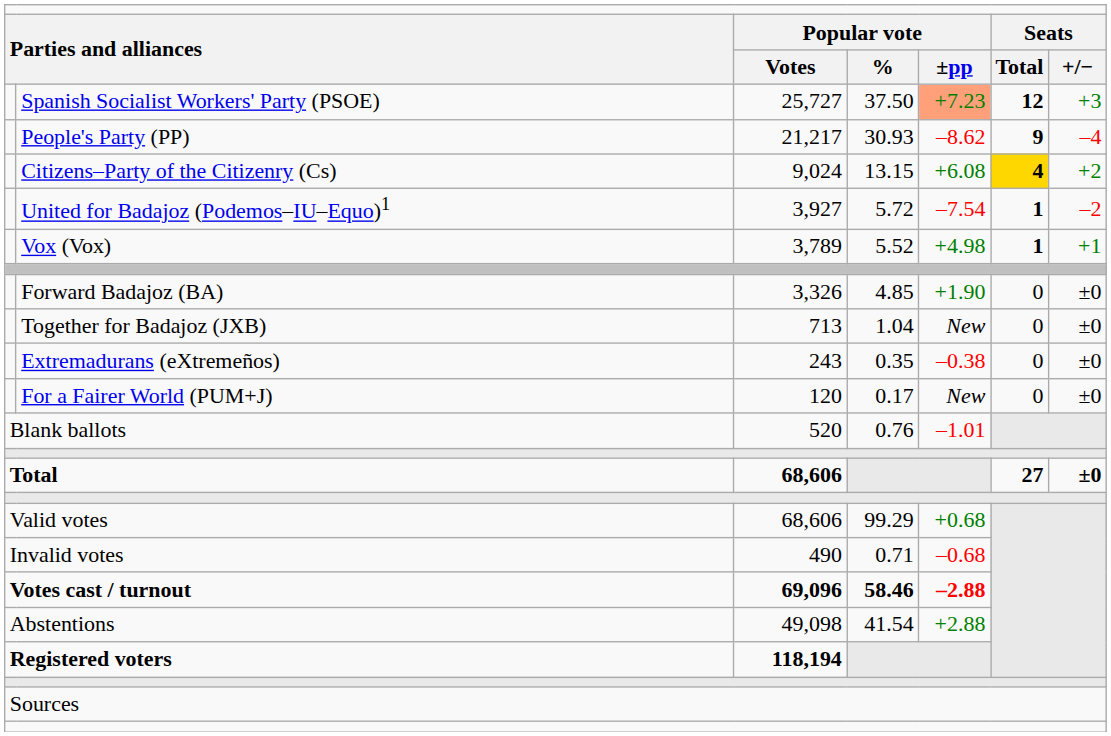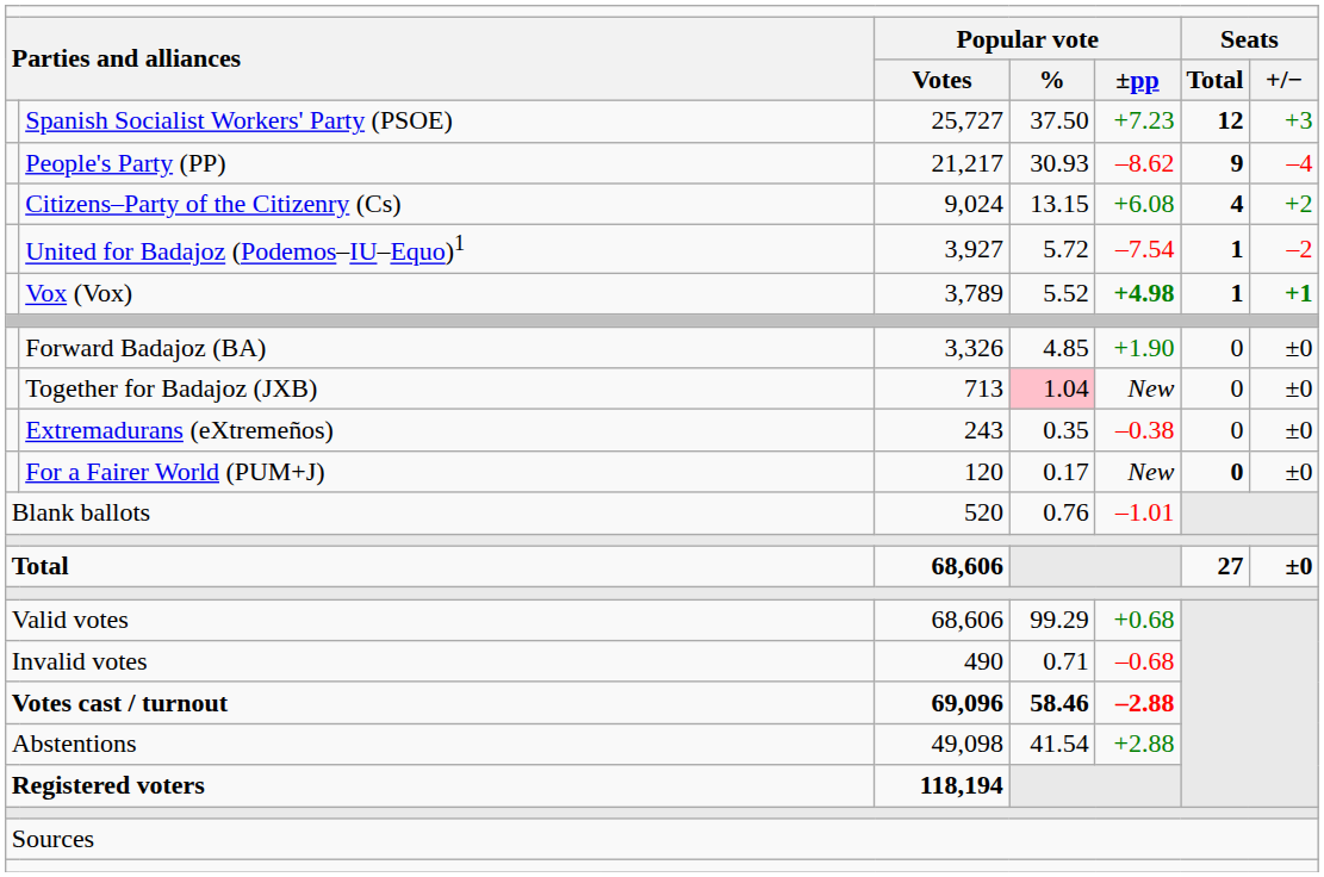 <table class="wikitable" style="text-align:right;">
 <tr>
 <td colspan="7"></td>
 </tr>
 <tr>
 <th style="text-align:left;" rowspan="2" colspan="2" width="525">Parties and alliances</th>
 <th colspan="3">Popular vote</th>
 <th colspan="2">Seats</th>
 </tr>
 <tr>
 <th width="75">Votes</th>
 <th width="45">%</th>
 <th width="45">±<a href='#'>pp</a></th>
 <th width="35">Total</th>
 <th width="35">+/−</th>
 </tr>
 <tr>
 <td width="1" style="color:inherit;background:"></td>
 <td align="left"><a href='#'>Spanish Socialist Workers' Party</a> (PSOE)</td>
 <td>25,727</td>
 <td>37.50</td>
-<td style="background: lightsalmon; color:green;">+7.23</td>
+<td style="color:green;">+7.23</td>
 <td><strong>12</strong></td>
 <td style="color:green;">+3</td>
 </tr>
 <tr>
 <td style="color:inherit;background:"></td>
 <td align="left"><a href='#'>People's Party</a> (PP)</td>
 <td>21,217</td>
 <td>30.93</td>
 <td style="color:red;">–8.62</td>
 <td><strong>9</strong></td>
 <td style="color:red;">–4</td>
 </tr>
 <tr>
 <td style="color:inherit;background:"></td>
 <td align="left"><a href='#'>Citizens–Party of the Citizenry</a> (Cs)</td>
 <td>9,024</td>
 <td>13.15</td>
 <td style="color:green;">+6.08</td>
-<td style="background: gold;"><strong>4</strong></td>
+<td><strong>4</strong></td>
 <td style="color:green;">+2</td>
 </tr>
 <tr>
 <td style="color:inherit;background:"></td>
 <td align="left"><a href='#'>United for Badajoz</a> (<a href='#'>Podemos</a>–<a href='#'>IU</a>–<a href='#'>Equo</a>)<sup>1</sup></td>
 <td>3,927</td>
 <td>5.72</td>
 <td style="color:red;">–7.54</td>
 <td><strong>1</strong></td>
 <td style="color:red;">–2</td>
 </tr>
 <tr>
 <td style="color:inherit;background:"></td>
 <td align="left"><a href='#'>Vox</a> (Vox)</td>
 <td>3,789</td>
 <td>5.52</td>
-<td style="color:green;">+4.98</td>
+<td style="color:green;"><strong>+4.98</strong></td>
 <td><strong>1</strong></td>
-<td style="color:green;">+1</td>
+<td style="color:green;"><strong>+1</strong></td>
 </tr>
 <tr>
 <td colspan="7" bgcolor="#C0C0C0"></td>
 </tr>
 <tr>
 <td style="color:inherit;background:"></td>
 <td align="left">Forward Badajoz (BA)</td>
 <td>3,326</td>
 <td>4.85</td>
 <td style="color:green;">+1.90</td>
 <td>0</td>
 <td>±0</td>
 </tr>
 <tr>
 <td style="color:inherit;background:"></td>
 <td align="left">Together for Badajoz (JXB)</td>
 <td>713</td>
-<td>1.04</td>
+<td style="background: pink;">1.04</td>
 <td><em>New</em></td>
 <td>0</td>
 <td>±0</td>
 </tr>
 <tr>
 <td style="color:inherit;background:"></td>
 <td align="left"><a href='#'>Extremadurans</a> (eXtremeños)</td>
 <td>243</td>
 <td>0.35</td>
 <td style="color:red;">–0.38</td>
 <td>0</td>
 <td>±0</td>
 </tr>
 <tr>
 <td style="color:inherit;background:"></td>
 <td align="left"><a href='#'>For a Fairer World</a> (PUM+J)</td>
 <td>120</td>
 <td>0.17</td>
 <td><em>New</em></td>
-<td>0</td>
+<td><strong>0</strong></td>
 <td>±0</td>
 </tr>
 <tr>
 <td align="left" colspan="2">Blank ballots</td>
 <td>520</td>
 <td>0.76</td>
 <td style="color:red;">–1.01</td>
 <td bgcolor="#E9E9E9" colspan="2"></td>
 </tr>
 <tr>
 <td colspan="7" bgcolor="#E9E9E9"></td>
 </tr>
 <tr style="font-weight:bold;">
 <td align="left" colspan="2">Total</td>
 <td>68,606</td>
 <td bgcolor="#E9E9E9" colspan="2"></td>
 <td>27</td>
 <td>±0</td>
 </tr>
 <tr>
 <td colspan="7" bgcolor="#E9E9E9"></td>
 </tr>
 <tr>
 <td align="left" colspan="2">Valid votes</td>
 <td>68,606</td>
 <td>99.29</td>
 <td style="color:green;">+0.68</td>
 <td bgcolor="#E9E9E9" colspan="2" rowspan="5"></td>
 </tr>
 <tr>
 <td align="left" colspan="2">Invalid votes</td>
 <td>490</td>
 <td>0.71</td>
 <td style="color:red;">–0.68</td>
 </tr>
 <tr style="font-weight:bold;">
 <td align="left" colspan="2">Votes cast / turnout</td>
 <td>69,096</td>
 <td>58.46</td>
 <td style="color:red;">–2.88</td>
 </tr>
 <tr>
 <td align="left" colspan="2">Abstentions</td>
 <td>49,098</td>
 <td>41.54</td>
 <td style="color:green;">+2.88</td>
 </tr>
 <tr style="font-weight:bold;">
 <td align="left" colspan="2">Registered voters</td>
 <td>118,194</td>
 <td bgcolor="#E9E9E9" colspan="2"></td>
 </tr>
 <tr>
 <td colspan="7" bgcolor="#E9E9E9"></td>
 </tr>
 <tr>
 <td align="left" colspan="7">Sources</td>
 </tr>
 <tr>
 <td colspan="7" style="text-align:left; max-width:790px;"></td>
 </tr>
 </table>
